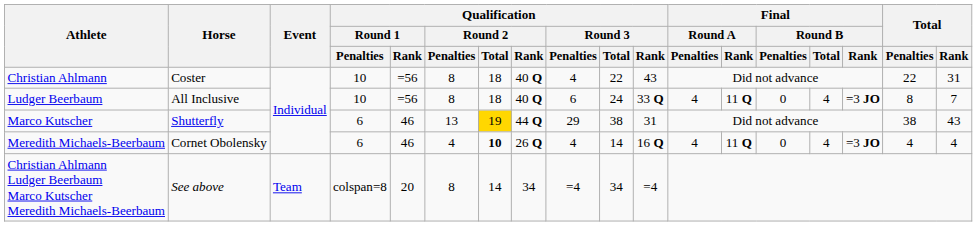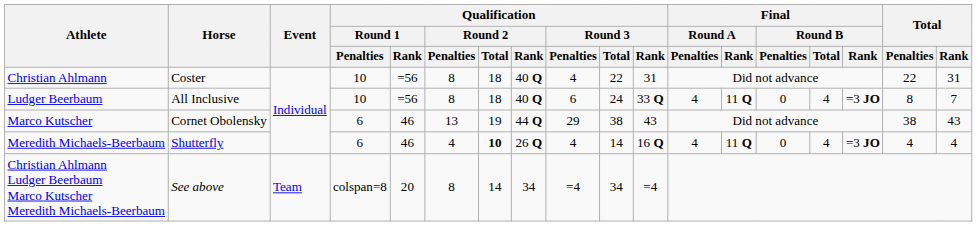 <table class="wikitable" style="font-size:90%">
 <tr>
 <th rowspan="3">Athlete</th>
 <th rowspan="3">Horse</th>
 <th rowspan="3">Event</th>
 <th colspan="8">Qualification</th>
 <th colspan="5">Final</th>
 <th rowspan=2 colspan="2">Total</th>
 </tr>
 <tr style="font-size:95%">
 <th colspan="2">Round 1</th>
 <th colspan="3">Round 2</th>
 <th colspan="3">Round 3</th>
 <th colspan="2">Round A</th>
 <th colspan="3">Round B</th>
 </tr>
 <tr style="font-size:95%">
 <th>Penalties</th>
 <th>Rank</th>
 <th>Penalties</th>
 <th>Total</th>
 <th>Rank</th>
 <th>Penalties</th>
 <th>Total</th>
 <th>Rank</th>
 <th>Penalties</th>
 <th>Rank</th>
 <th>Penalties</th>
 <th>Total</th>
 <th>Rank</th>
 <th>Penalties</th>
 <th>Rank</th>
 </tr>
 <tr align=center>
 <td align=left><a href='#'>Christian Ahlmann</a></td>
 <td align=left>Coster</td>
 <td align=left rowspan=4><a href='#'>Individual</a></td>
 <td>10</td>
 <td>=56</td>
 <td>8</td>
 <td>18</td>
 <td>40 <strong>Q</strong></td>
 <td>4</td>
 <td>22</td>
-<td>43</td>
+<td>31</td>
 <td colspan=5>Did not advance</td>
 <td>22</td>
 <td>31</td>
 </tr>
 <tr align=center>
 <td align=left><a href='#'>Ludger Beerbaum</a></td>
 <td align=left>All Inclusive</td>
 <td>10</td>
 <td>=56</td>
 <td>8</td>
 <td>18</td>
 <td>40 <strong>Q</strong></td>
 <td>6</td>
 <td>24</td>
 <td>33 <strong>Q</strong></td>
 <td>4</td>
 <td>11 <strong>Q</strong></td>
 <td>0</td>
 <td>4</td>
 <td>=3 <strong>JO</strong></td>
 <td>8</td>
 <td>7</td>
 </tr>
 <tr align=center>
 <td align=left><a href='#'>Marco Kutscher</a></td>
-<td align=left><a href='#'>Shutterfly</a></td>
+<td align=left>Cornet Obolensky</td>
 <td>6</td>
 <td>46</td>
 <td>13</td>
-<td style="background: gold;">19</td>
+<td>19</td>
 <td>44 <strong>Q</strong></td>
 <td>29</td>
 <td>38</td>
-<td>31</td>
+<td>43</td>
 <td colspan=5>Did not advance</td>
 <td>38</td>
 <td>43</td>
 </tr>
 <tr align=center>
 <td align=left><a href='#'>Meredith Michaels-Beerbaum</a></td>
-<td align=left>Cornet Obolensky</td>
+<td align=left><a href='#'>Shutterfly</a></td>
 <td>6</td>
 <td>46</td>
 <td>4</td>
 <td><strong>10</strong></td>
 <td>26 <strong>Q</strong></td>
 <td>4</td>
 <td>14</td>
 <td>16 <strong>Q</strong></td>
 <td>4</td>
 <td>11 <strong>Q</strong></td>
 <td>0</td>
 <td>4</td>
 <td>=3 <strong>JO</strong></td>
 <td>4</td>
 <td>4</td>
 </tr>
 <tr align=center>
 <td align=left><a href='#'>Christian Ahlmann</a><br><a href='#'>Ludger Beerbaum</a><br><a href='#'>Marco Kutscher</a><br><a href='#'>Meredith Michaels-Beerbaum</a></td>
 <td align=left><em>See above</em></td>
 <td align=left><a href='#'>Team</a></td>
 <td>colspan=8 </td>
 <td>20</td>
 <td>8</td>
 <td>14</td>
 <td>34</td>
 <td>=4</td>
 <td>34</td>
 <td>=4</td>
 </tr>
 </table>
